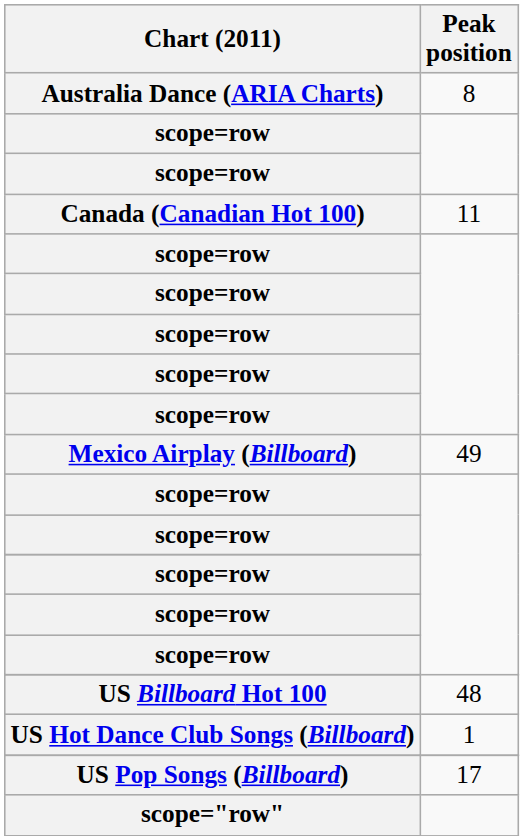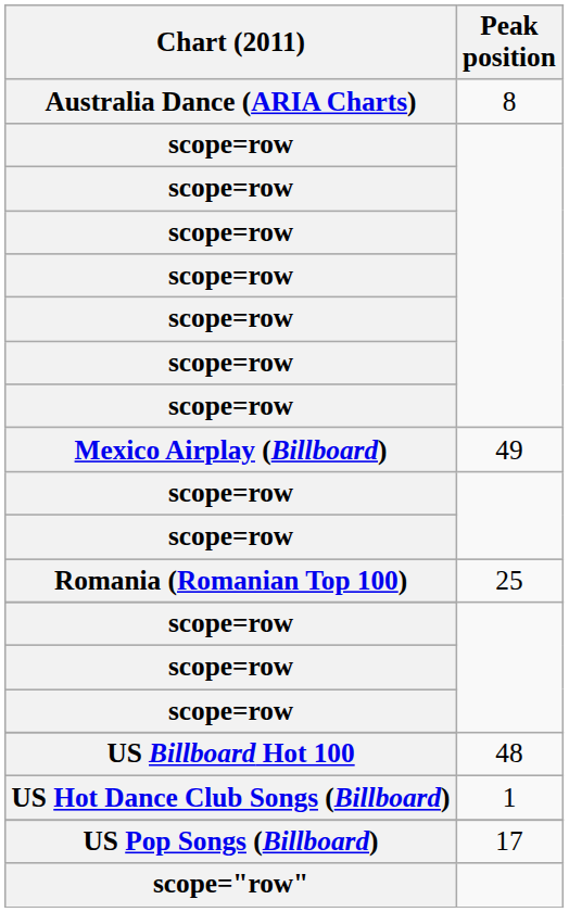 <table class="wikitable sortable plainrowheaders">
 <tr>
 <th>Chart (2011)</th>
 <th>Peak<br>position</th>
 </tr>
 <tr>
 <th scope=row>Australia Dance (<a href='#'>ARIA Charts</a>)</th>
 <td style="text-align:center;">8</td>
 </tr>
 <tr>
 <th>scope=row</th>
 </tr>
 <tr>
 <th>scope=row</th>
-</tr>
-<tr>
-<th scope=row>Canada (<a href='#'>Canadian Hot 100</a>)</th>
-<td style="text-align:center;">11</td>
 </tr>
 <tr>
 <th>scope=row</th>
 </tr>
 <tr>
 <th>scope=row</th>
 </tr>
 <tr>
 <th>scope=row</th>
 </tr>
 <tr>
 <th>scope=row</th>
 </tr>
 <tr>
 <th>scope=row</th>
 </tr>
 <tr>
 <th scope="row"><a href='#'>Mexico Airplay</a> (<em><a href='#'>Billboard</a></em>)</th>
 <td style="text-align:center;">49</td>
 </tr>
 <tr>
 <th>scope=row</th>
 </tr>
 <tr>
 <th>scope=row</th>
+</tr>
+<tr>
+<th scope=row>Romania (<a href='#'>Romanian Top 100</a>)</th>
+<td style="text-align:center;">25</td>
 </tr>
 <tr>
 </tr>
 <tr>
 </tr>
 <tr>
 <th>scope=row</th>
 </tr>
 <tr>
 <th>scope=row</th>
 </tr>
 <tr>
 <th>scope=row</th>
 </tr>
 <tr>
 </tr>
 <tr>
 <th scope=row>US <a href='#'><em>Billboard</em> Hot 100</a></th>
 <td style="text-align:center;">48</td>
 </tr>
 <tr>
 <th scope=row>US <a href='#'>Hot Dance Club Songs</a> (<em><a href='#'>Billboard</a></em>)</th>
 <td style="text-align:center;">1</td>
 </tr>
 <tr>
 </tr>
 <tr>
 <th scope=row>US <a href='#'>Pop Songs</a> (<em><a href='#'>Billboard</a></em>)</th>
 <td style="text-align:center;">17</td>
 </tr>
 <tr>
 <th>scope="row"</th>
 </tr>
 <tr>
 </tr>
 </table>
